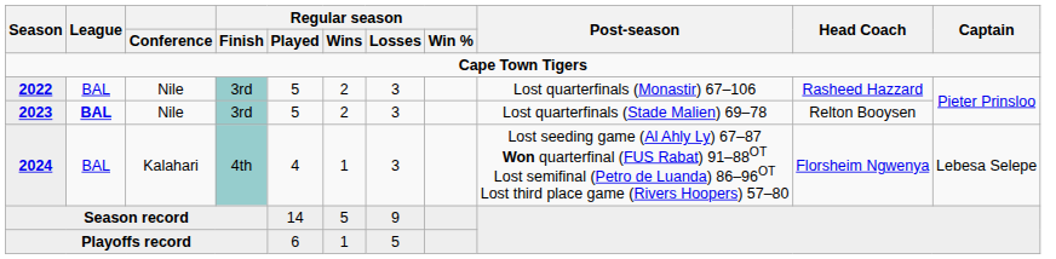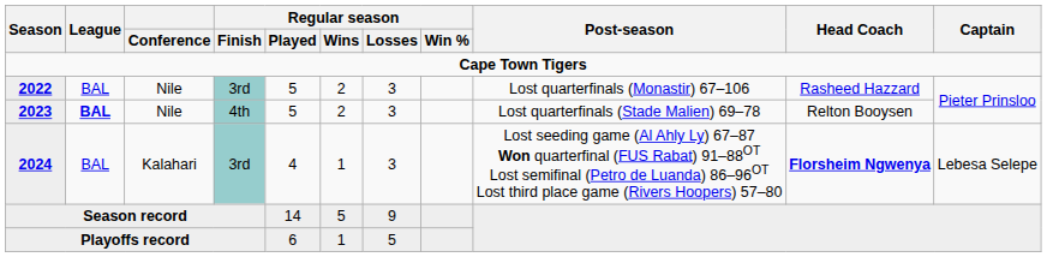 <table class="wikitable" style="font-size:95%; text-align:center">
 <tr>
 <th rowspan="2">Season</th>
 <th rowspan="2">League</th>
 <th></th>
 <th colspan="5">Regular season</th>
 <th rowspan="2">Post-season</th>
 <th rowspan="2">Head Coach</th>
 <th rowspan="2">Captain</th>
 </tr>
 <tr>
 <th>Conference</th>
 <th>Finish</th>
 <th>Played</th>
 <th>Wins</th>
 <th>Losses</th>
 <th>Win %</th>
 </tr>
 <tr>
 <td colspan="11" align="center"><strong>Cape Town Tigers</strong></td>
 </tr>
 <tr>
 <th style="background:#eee;"><a href='#'>2022</a></th>
 <td style="text-align:center;"><a href='#'>BAL</a></td>
 <td>Nile</td>
 <td style="text-align:center;background-color:#96CDCD;">3rd</td>
 <td style="text-align:center;">5</td>
 <td style="text-align:center;">2</td>
 <td style="text-align:center;">3</td>
 <td style="text-align:center;"></td>
 <td style="text-align:center;background-color: ;">Lost quarterfinals (<a href='#'>Monastir</a>) 67–106</td>
 <td style="text-align:center;"><a href='#'>Rasheed Hazzard</a></td>
 <td rowspan="2" style="text-align:center;"><a href='#'>Pieter Prinsloo</a></td>
 </tr>
 <tr>
 <th style="background:#eee;"><a href='#'>2023</a></th>
 <td style="text-align:center;"><strong><a href='#'>BAL</a></strong></td>
 <td>Nile</td>
-<td style="text-align:center;background-color:#96CDCD;">3rd</td>
+<td style="text-align:center;background-color:#96CDCD;">4th</td>
 <td style="text-align:center;">5</td>
 <td style="text-align:center;">2</td>
 <td style="text-align:center;">3</td>
 <td style="text-align:center;"></td>
 <td style="text-align:center;">Lost quarterfinals (<a href='#'>Stade Malien</a>) 69–78</td>
 <td style="text-align:center;">Relton Booysen</td>
 </tr>
 <tr>
 <th style="background:#eee;"><a href='#'>2024</a></th>
 <td style="text-align:center;"><a href='#'>BAL</a></td>
 <td>Kalahari</td>
-<td style="text-align:center;background-color:#96CDCD;">4th</td>
+<td style="text-align:center;background-color:#96CDCD;">3rd</td>
 <td style="text-align:center;">4</td>
 <td style="text-align:center;">1</td>
 <td style="text-align:center;">3</td>
 <td style="text-align:center;"></td>
 <td style="text-align:center;background-color: ;">Lost seeding game (<a href='#'>Al Ahly Ly</a>) 67–87<br><strong>Won</strong> quarterfinal (<a href='#'>FUS Rabat</a>) 91–88<sup>OT</sup><br>Lost semifinal (<a href='#'>Petro de Luanda</a>) 86–96<sup>OT</sup><br>Lost third place game (<a href='#'>Rivers Hoopers</a>) 57–80</td>
-<td style="text-align:center;"><a href='#'>Florsheim Ngwenya</a></td>
+<td style="text-align:center;"><strong><a href='#'>Florsheim Ngwenya</a></strong></td>
 <td style="text-align:center;">Lebesa Selepe</td>
 </tr>
 <tr>
 <th colspan="4" style="background:#eee;">Season record</th>
 <td style="background:#eee;">14</td>
 <td style="background:#eee;">5</td>
 <td style="background:#eee;">9</td>
 <td style="background:#eee;"></td>
 <td colspan="3" rowspan="2" style="background:#eee;"></td>
 </tr>
 <tr>
 <th colspan="4" style="background:#eee;">Playoffs record</th>
 <td style="background:#eee;">6</td>
 <td style="background:#eee;">1</td>
 <td style="background:#eee;">5</td>
 <td style="background:#eee;"></td>
 </tr>
 </table>
